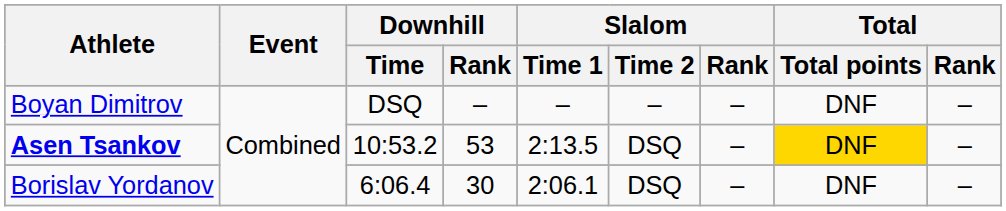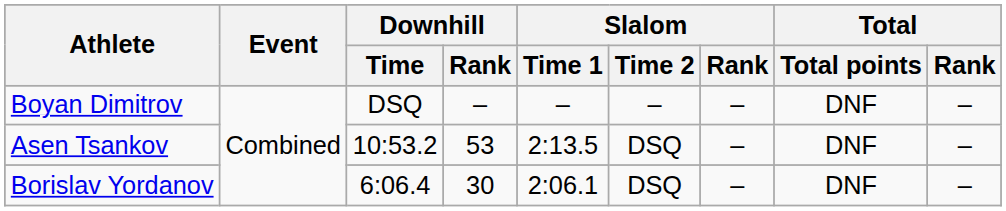 <table class="wikitable" style="font-size:90%">
 <tr>
 <th rowspan="2">Athlete</th>
 <th rowspan="2">Event</th>
 <th colspan="2">Downhill</th>
 <th colspan="3">Slalom</th>
 <th colspan="2">Total</th>
 </tr>
 <tr>
 <th>Time</th>
 <th>Rank</th>
 <th>Time 1</th>
 <th>Time 2</th>
 <th>Rank</th>
 <th>Total points</th>
 <th>Rank</th>
 </tr>
 <tr>
 <td><a href='#'>Boyan Dimitrov</a></td>
 <td rowspan="3">Combined</td>
 <td align="center">DSQ</td>
 <td align="center">–</td>
 <td align="center">–</td>
 <td align="center">–</td>
 <td align="center">–</td>
 <td align="center">DNF</td>
 <td align="center">–</td>
 </tr>
 <tr>
-<td><strong><a href='#'>Asen Tsankov</a></strong></td>
+<td><a href='#'>Asen Tsankov</a></td>
 <td align="center">10:53.2</td>
 <td align="center">53</td>
 <td align="center">2:13.5</td>
 <td align="center">DSQ</td>
 <td align="center">–</td>
-<td align="center" style="background: gold;">DNF</td>
+<td align="center">DNF</td>
 <td align="center">–</td>
 </tr>
 <tr>
 <td><a href='#'>Borislav Yordanov</a></td>
 <td align="center">6:06.4</td>
 <td align="center">30</td>
 <td align="center">2:06.1</td>
 <td align="center">DSQ</td>
 <td align="center">–</td>
 <td align="center">DNF</td>
 <td align="center">–</td>
 </tr>
 </table>
